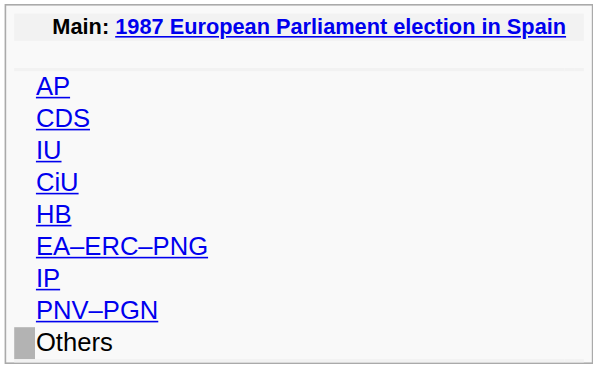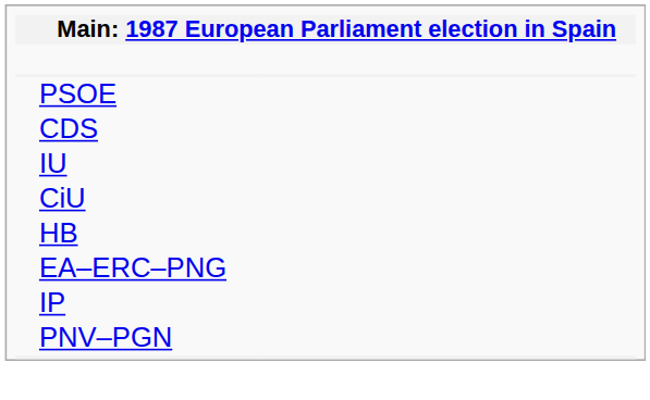 <table class="infobox vcard" cellspacing="0" style="width:23.0em; padding:0.3em; padding-bottom:0em">
 <tr>
 <td style="background:#F2F2F2; vertical-align:middle; padding:0.4em;" width="30px"></td>
 <th colspan="4" style="text-align:center; background:#F2F2F2; font-size:0.85em; width:100%; vertical-align:middle;">Main: <a href='#'>1987 European Parliament election in Spain</a></th>
 </tr>
 <tr>
 <td colspan="5" style="text-align:center; font-size:0.85em; padding:0.5em 0em;">  </td>
 </tr>
 <tr>
 <td colspan="5"></td>
 </tr>
 <tr>
 <td colspan="5"></td>
 </tr>
 <tr>
 <th colspan="2" style="background:#F2F2F2;"></th>
 <th style="background:#F2F2F2;"></th>
 <th style="background:#F2F2F2;"></th>
 <th style="background:#F2F2F2;"></th>
 </tr>
 <tr>
 <td style="background:"></td>
-<td><a href='#'>AP</a></td>
-<td></td>
-<td></td>
-<td></td>
+<td width="85px"><a href='#'>PSOE</a></td>
+<td width="70px"></td>
+<td width="45px"></td>
+<td width="30px"></td>
 </tr>
 <tr>
 <td style="background:"></td>
 <td><a href='#'>CDS</a></td>
 <td></td>
 <td></td>
 <td></td>
 </tr>
 <tr>
 <td style="background:"></td>
 <td><a href='#'>IU</a></td>
 <td></td>
 <td></td>
 <td></td>
 </tr>
 <tr>
 <td style="background:"></td>
 <td><a href='#'>CiU</a></td>
 <td></td>
 <td></td>
 <td></td>
 </tr>
 <tr>
 <td style="background:"></td>
 <td><a href='#'>HB</a></td>
 <td></td>
 <td></td>
 <td></td>
 </tr>
 <tr>
 <td style="background:"></td>
 <td><a href='#'>EA–ERC–PNG</a></td>
 <td></td>
 <td></td>
 <td></td>
 </tr>
 <tr>
 <td style="background:"></td>
 <td><a href='#'>IP</a></td>
 <td></td>
 <td></td>
 <td></td>
 </tr>
 <tr>
 <td style="background:"></td>
 <td><a href='#'>PNV–PGN</a></td>
 <td></td>
 <td></td>
 <td></td>
 </tr>
 <tr>
-<td style="background:#B3B3B3;"></td>
-<td>Others</td>
-<td></td>
-<td></td>
-<td></td>
-</tr>
-<tr>
 <th colspan="2" style="background:#F2F2F2;"></th>
 <th style="background:#F2F2F2;"></th>
 <th style="background:#F2F2F2;"></th>
 <th style="background:#F2F2F2;"></th>
 </tr>
 </table>
